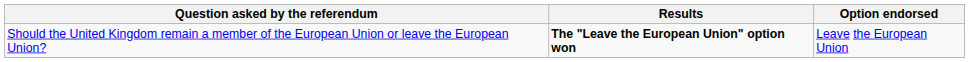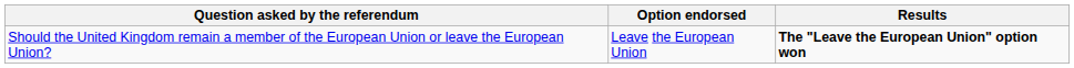 <table class="wikitable sortable">
 <tr>
 <th bgcolor="teal">Question asked by the referendum</th>
+<th bgcolor="teal"><span>Option endorsed</span></th>
 <th>Results</th>
-<th bgcolor="teal"><span>Option endorsed</span></th>
 </tr>
 <tr>
 <td> <a href='#'>Should the United Kingdom remain a member of the European Union or leave the European Union?</a></td>
+<td><a href='#'>Leave</a> <a href='#'>the European Union</a></td>
 <td><strong></strong> <strong>The "Leave the European Union" option won</strong></td>
-<td><a href='#'>Leave</a> <a href='#'>the European Union</a></td>
 </tr>
 </table>
